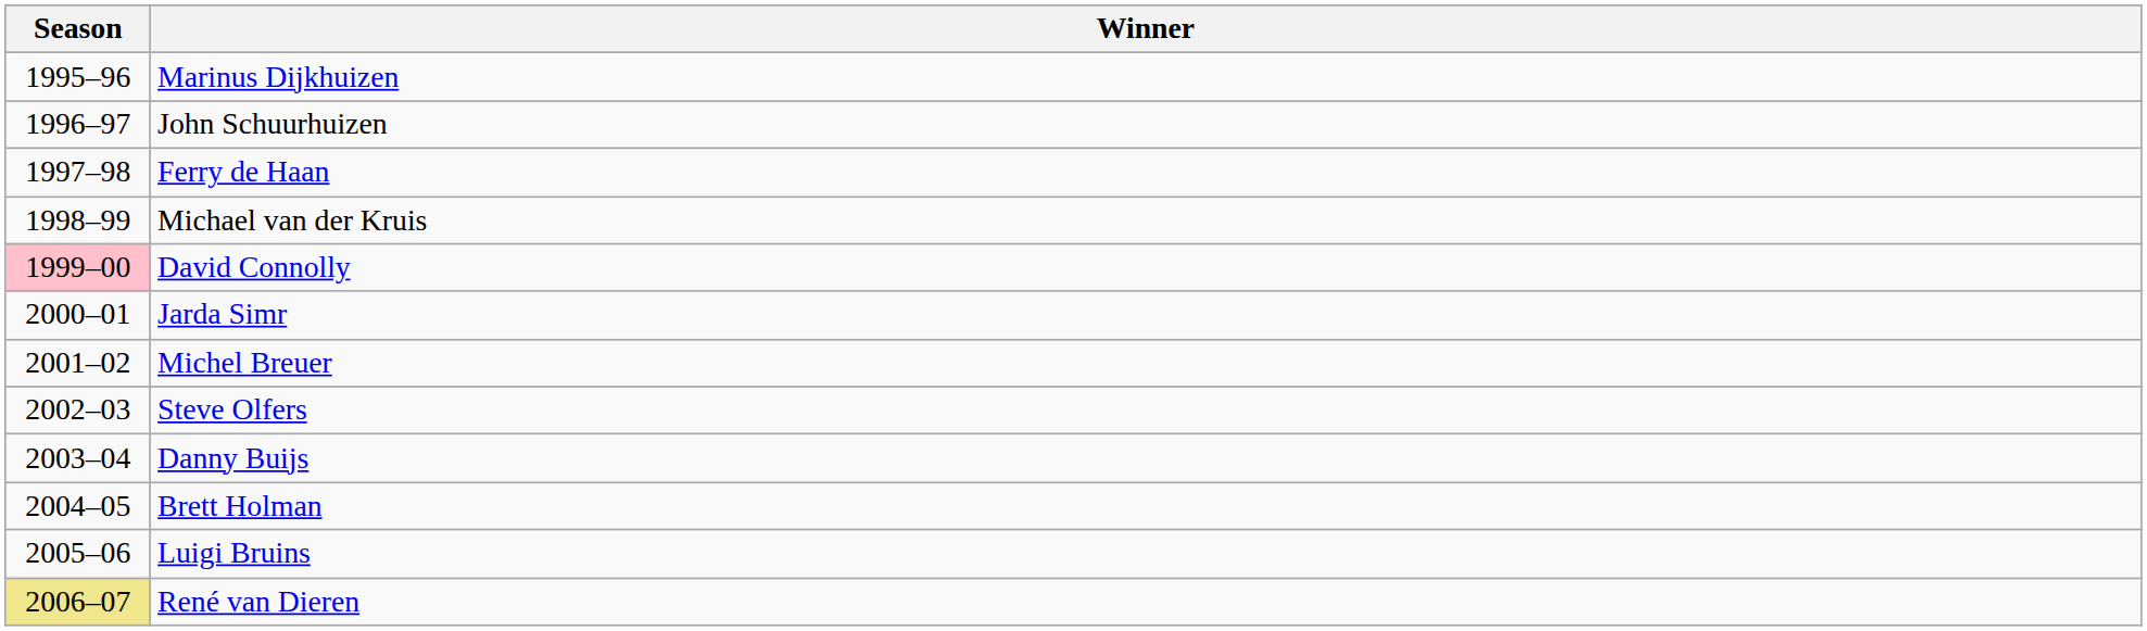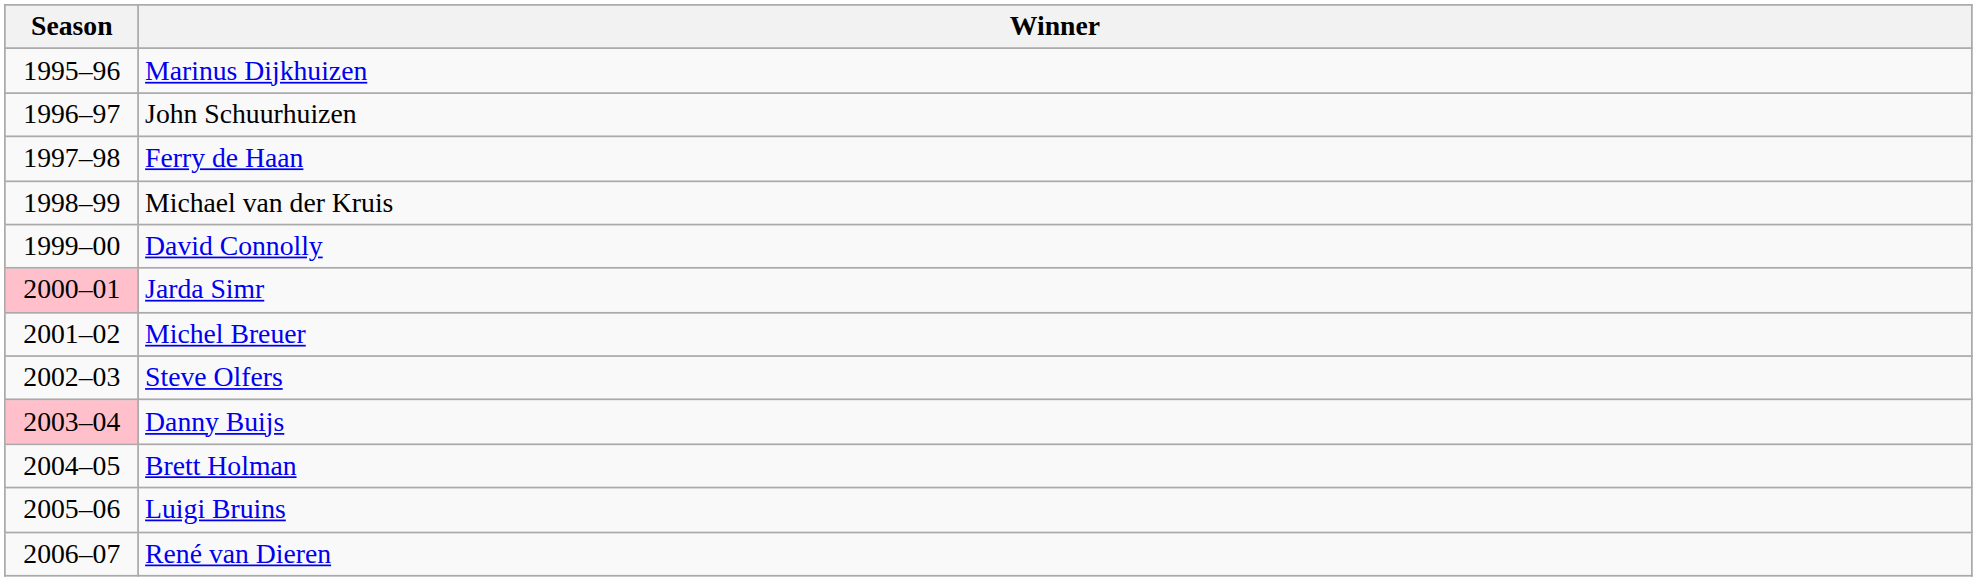 <table class="wikitable" width="90%" style="font-size: 100%">
 <tr>
 <th width="70" align="center">Season</th>
 <th>Winner</th>
 </tr>
 <tr>
 <td align="center">1995–96</td>
 <td> <a href='#'>Marinus Dijkhuizen</a></td>
 </tr>
 <tr>
 <td align="center">1996–97</td>
 <td> John Schuurhuizen</td>
 </tr>
 <tr>
 <td align="center">1997–98</td>
 <td> <a href='#'>Ferry de Haan</a></td>
 </tr>
 <tr>
 <td align="center">1998–99</td>
 <td> Michael van der Kruis</td>
 </tr>
 <tr>
-<td align="center" style="background: pink;">1999–00</td>
+<td align="center">1999–00</td>
 <td> <a href='#'>David Connolly</a></td>
 </tr>
 <tr>
-<td align="center">2000–01</td>
+<td align="center" style="background: pink;">2000–01</td>
 <td> <a href='#'>Jarda Simr</a></td>
 </tr>
 <tr>
 <td align="center">2001–02</td>
 <td> <a href='#'>Michel Breuer</a></td>
 </tr>
 <tr>
 <td align="center">2002–03</td>
 <td> <a href='#'>Steve Olfers</a></td>
 </tr>
 <tr>
-<td align="center">2003–04</td>
+<td align="center" style="background: pink;">2003–04</td>
 <td> <a href='#'>Danny Buijs</a></td>
 </tr>
 <tr>
 <td align="center">2004–05</td>
 <td> <a href='#'>Brett Holman</a></td>
 </tr>
 <tr>
 <td align="center">2005–06</td>
 <td> <a href='#'>Luigi Bruins</a></td>
 </tr>
 <tr>
-<td align="center" style="background: khaki;">2006–07</td>
+<td align="center">2006–07</td>
 <td> <a href='#'>René van Dieren</a></td>
 </tr>
 </table>
